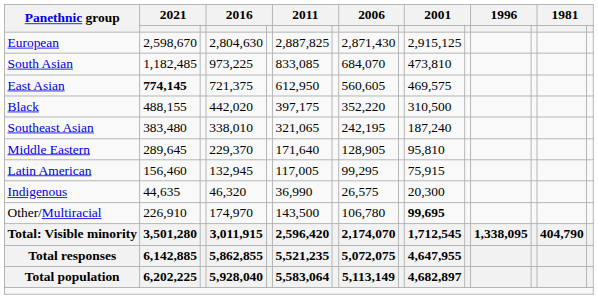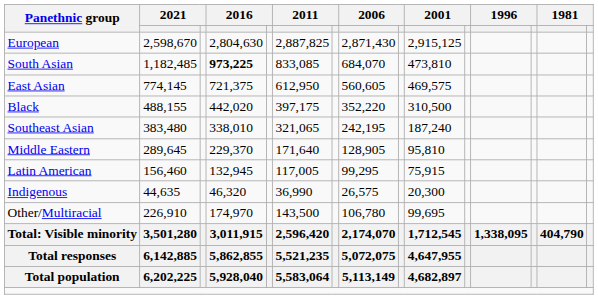 <table class="wikitable collapsible sortable">
 <tr>
 <th rowspan="2"><a href='#'>Panethnic</a> group</th>
 <th colspan="2">2021</th>
 <th colspan="2">2016</th>
 <th colspan="2">2011</th>
 <th colspan="2">2006</th>
 <th colspan="2">2001</th>
 <th colspan="2">1996</th>
 <th colspan="2">1981</th>
 </tr>
 <tr>
 <th><a href='#'></a></th>
 <th></th>
 <th></th>
 <th></th>
 <th></th>
 <th></th>
 <th></th>
 <th></th>
 <th></th>
 <th></th>
 <th></th>
 <th></th>
 <th></th>
 <th></th>
 </tr>
 <tr>
 <td><a href='#'>European</a></td>
 <td>2,598,670</td>
 <td></td>
 <td>2,804,630</td>
 <td></td>
 <td>2,887,825</td>
 <td></td>
 <td>2,871,430</td>
 <td></td>
 <td>2,915,125</td>
 <td></td>
 <td></td>
 <td></td>
 <td></td>
 <td></td>
 </tr>
 <tr>
 <td><a href='#'>South Asian</a></td>
 <td>1,182,485</td>
 <td></td>
-<td>973,225</td>
+<td><strong>973,225</strong></td>
 <td></td>
 <td>833,085</td>
 <td></td>
 <td>684,070</td>
 <td></td>
 <td>473,810</td>
 <td></td>
 <td></td>
 <td></td>
 <td></td>
 <td></td>
 </tr>
 <tr>
 <td><a href='#'>East Asian</a></td>
-<td><strong>774,145</strong></td>
+<td>774,145</td>
 <td></td>
 <td>721,375</td>
 <td></td>
 <td>612,950</td>
 <td></td>
 <td>560,605</td>
 <td></td>
 <td>469,575</td>
 <td></td>
 <td></td>
 <td></td>
 <td></td>
 <td></td>
 </tr>
 <tr>
 <td><a href='#'>Black</a></td>
 <td>488,155</td>
 <td></td>
 <td>442,020</td>
 <td></td>
 <td>397,175</td>
 <td></td>
 <td>352,220</td>
 <td></td>
 <td>310,500</td>
 <td></td>
 <td></td>
 <td></td>
 <td></td>
 <td></td>
 </tr>
 <tr>
 <td><a href='#'>Southeast Asian</a></td>
 <td>383,480</td>
 <td></td>
 <td>338,010</td>
 <td></td>
 <td>321,065</td>
 <td></td>
 <td>242,195</td>
 <td></td>
 <td>187,240</td>
 <td></td>
 <td></td>
 <td></td>
 <td></td>
 <td></td>
 </tr>
 <tr>
 <td><a href='#'>Middle Eastern</a></td>
 <td>289,645</td>
 <td></td>
 <td>229,370</td>
 <td></td>
 <td>171,640</td>
 <td></td>
 <td>128,905</td>
 <td></td>
 <td>95,810</td>
 <td></td>
 <td></td>
 <td></td>
 <td></td>
 <td></td>
 </tr>
 <tr>
 <td><a href='#'>Latin American</a></td>
 <td>156,460</td>
 <td></td>
 <td>132,945</td>
 <td></td>
 <td>117,005</td>
 <td></td>
 <td>99,295</td>
 <td></td>
 <td>75,915</td>
 <td></td>
 <td></td>
 <td></td>
 <td></td>
 <td></td>
 </tr>
 <tr>
 <td><a href='#'>Indigenous</a></td>
 <td>44,635</td>
 <td></td>
 <td>46,320</td>
 <td></td>
 <td>36,990</td>
 <td></td>
 <td>26,575</td>
 <td></td>
 <td>20,300</td>
 <td></td>
 <td></td>
 <td></td>
 <td></td>
 <td></td>
 </tr>
 <tr>
 <td>Other/<a href='#'>Multiracial</a></td>
 <td>226,910</td>
 <td></td>
 <td>174,970</td>
 <td></td>
 <td>143,500</td>
 <td></td>
 <td>106,780</td>
 <td></td>
-<td><strong>99,695</strong></td>
+<td>99,695</td>
 <td></td>
 <td></td>
 <td></td>
 <td></td>
 <td></td>
 </tr>
 <tr>
 <th>Total: Visible minority</th>
 <th>3,501,280</th>
 <th></th>
 <th>3,011,915</th>
 <th></th>
 <th>2,596,420</th>
 <th></th>
 <th>2,174,070</th>
 <th></th>
 <th>1,712,545</th>
 <th></th>
 <th>1,338,095</th>
 <th></th>
 <th>404,790</th>
 <th></th>
 </tr>
 <tr>
 <th>Total responses</th>
 <th>6,142,885</th>
 <th></th>
 <th>5,862,855</th>
 <th></th>
 <th>5,521,235</th>
 <th></th>
 <th>5,072,075</th>
 <th></th>
 <th>4,647,955</th>
 <th></th>
 <th></th>
 <th></th>
 <th></th>
 <th></th>
 </tr>
 <tr>
 <th>Total population</th>
 <th>6,202,225</th>
 <th></th>
 <th>5,928,040</th>
 <th></th>
 <th>5,583,064</th>
 <th></th>
 <th>5,113,149</th>
 <th></th>
 <th>4,682,897</th>
 <th></th>
 <th></th>
 <th></th>
 <th></th>
 <th></th>
 </tr>
 <tr class="sortbottom">
 <td colspan="20"></td>
 </tr>
 </table>
